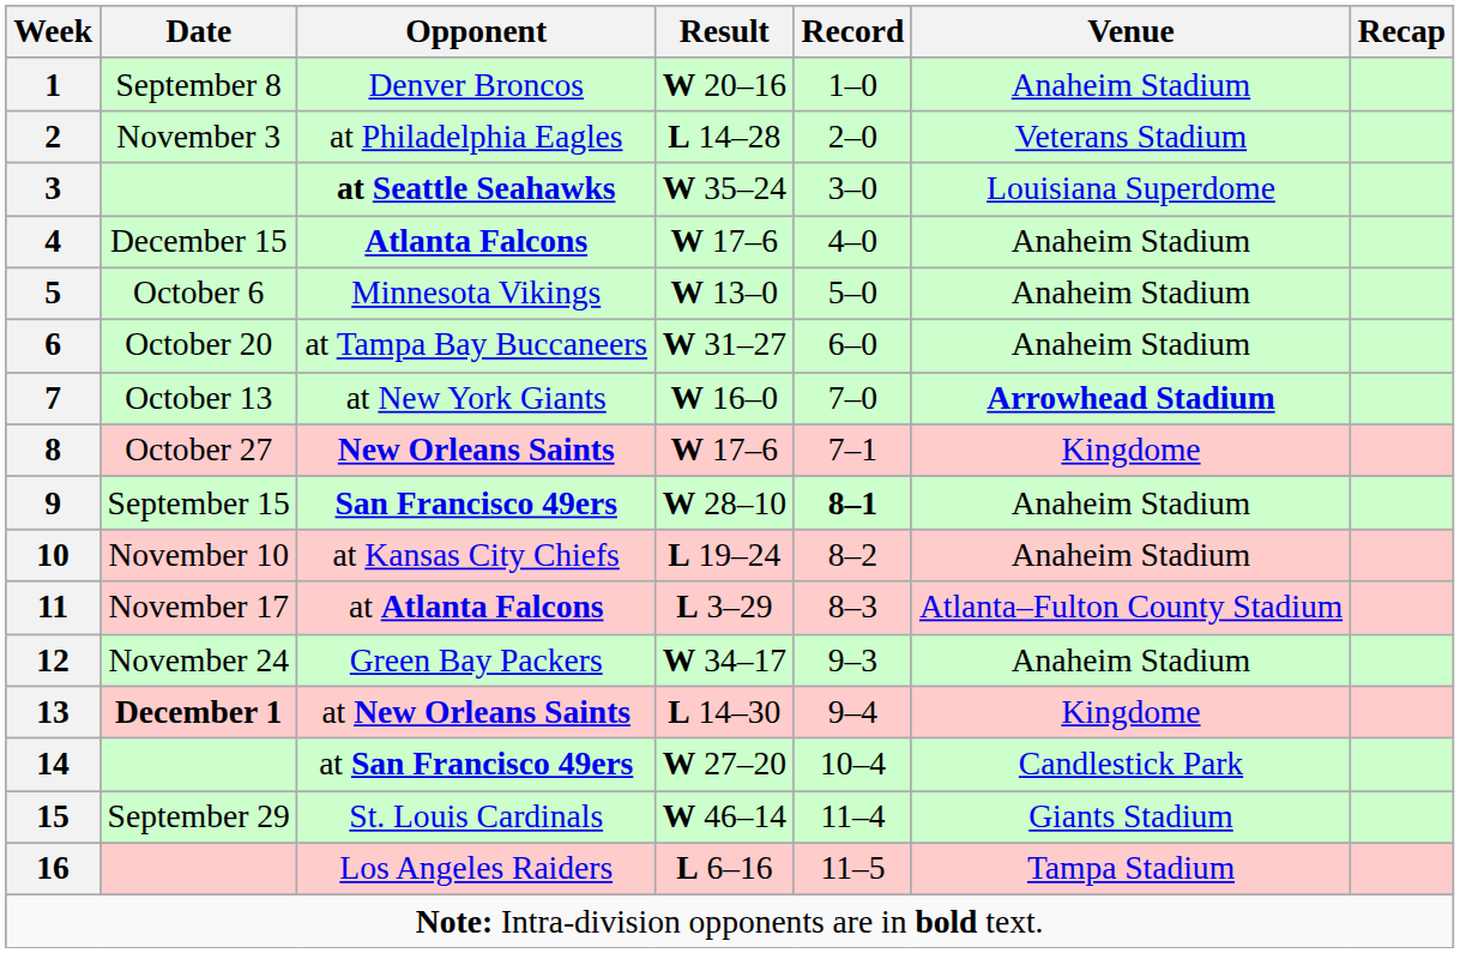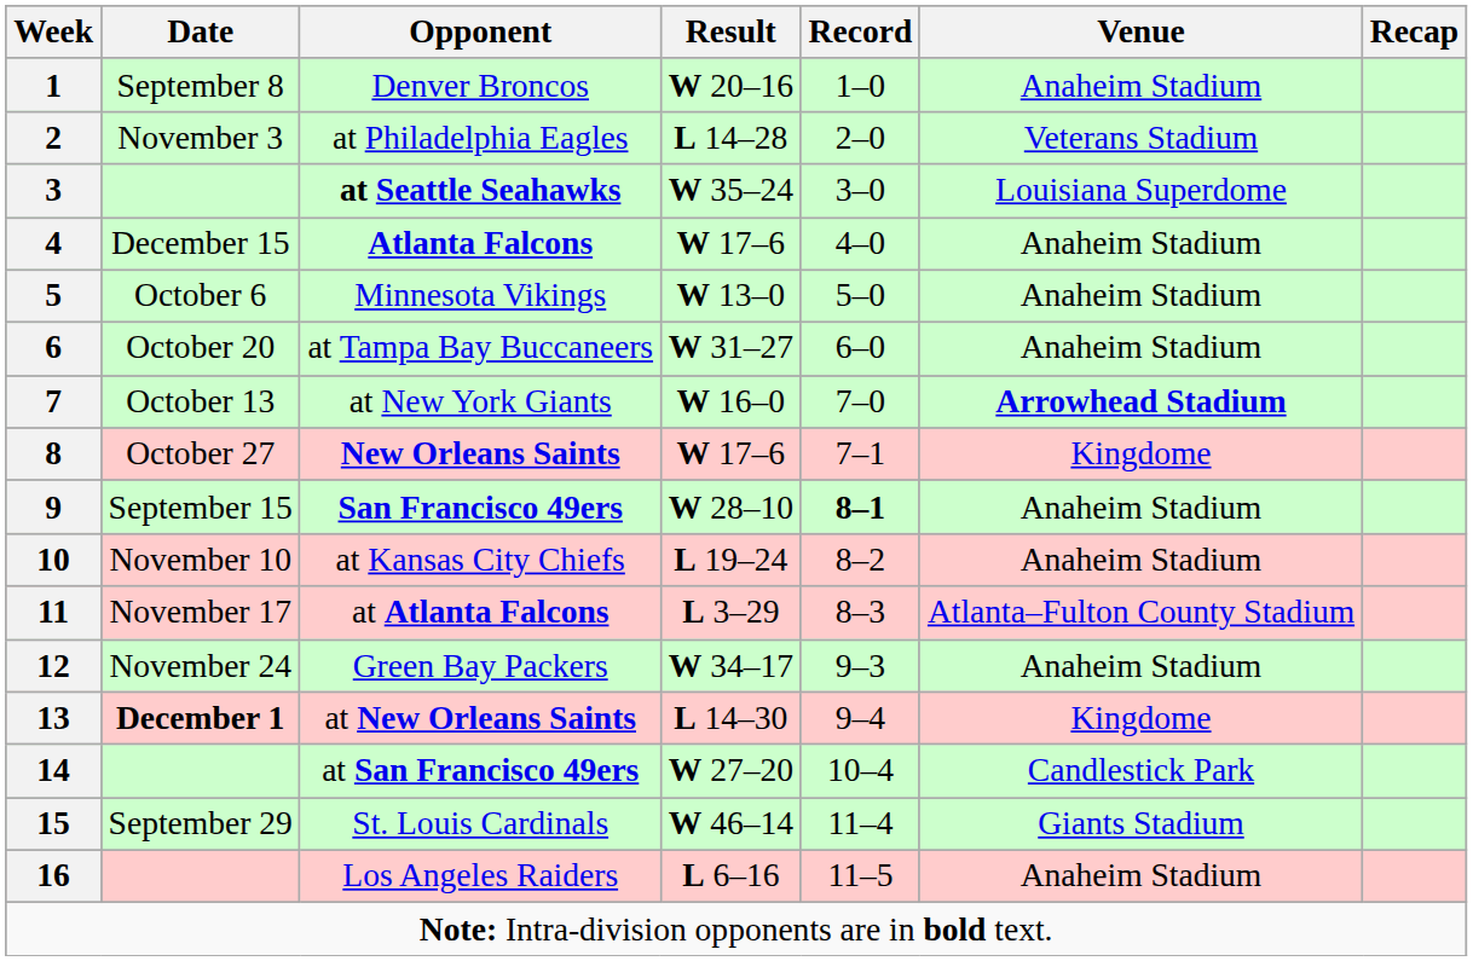 <table class="wikitable" style="text-align:center">
 <tr>
 <th>Week</th>
 <th>Date</th>
 <th>Opponent</th>
 <th>Result</th>
 <th>Record</th>
 <th>Venue</th>
 <th>Recap</th>
 </tr>
 <tr style="background:#cfc" align="center">
 <th>1</th>
 <td>September 8</td>
 <td><a href='#'>Denver Broncos</a></td>
 <td><strong>W</strong> 20–16</td>
 <td>1–0</td>
 <td><a href='#'>Anaheim Stadium</a></td>
 <td></td>
 </tr>
 <tr style="background:#cfc" align="center">
 <th>2</th>
 <td>November 3</td>
 <td>at <a href='#'>Philadelphia Eagles</a></td>
 <td><strong>L</strong> 14–28</td>
 <td>2–0</td>
 <td><a href='#'>Veterans Stadium</a></td>
 <td></td>
 </tr>
 <tr style="background:#cfc" align="center">
 <th>3</th>
 <td></td>
 <td><strong>at <a href='#'>Seattle Seahawks</a></strong></td>
 <td><strong>W</strong> 35–24</td>
 <td>3–0</td>
 <td><a href='#'>Louisiana Superdome</a></td>
 <td></td>
 </tr>
 <tr style="background:#cfc" align="center">
 <th>4</th>
 <td>December 15</td>
 <td><strong><a href='#'>Atlanta Falcons</a></strong></td>
 <td><strong>W</strong> 17–6</td>
 <td>4–0</td>
 <td>Anaheim Stadium</td>
 <td></td>
 </tr>
 <tr style="background:#cfc" align="center">
 <th>5</th>
 <td>October 6</td>
 <td><a href='#'>Minnesota Vikings</a></td>
 <td><strong>W</strong> 13–0</td>
 <td>5–0</td>
 <td>Anaheim Stadium</td>
 <td></td>
 </tr>
 <tr style="background:#cfc" align="center">
 <th>6</th>
 <td>October 20</td>
 <td>at <a href='#'>Tampa Bay Buccaneers</a></td>
 <td><strong>W</strong> 31–27</td>
 <td>6–0</td>
 <td>Anaheim Stadium</td>
 <td></td>
 </tr>
 <tr style="background:#cfc" align="center">
 <th>7</th>
 <td>October 13</td>
 <td>at <a href='#'>New York Giants</a></td>
 <td><strong>W</strong> 16–0</td>
 <td>7–0</td>
 <td><strong><a href='#'>Arrowhead Stadium</a></strong></td>
 <td></td>
 </tr>
 <tr style="background:#fcc" align="center">
 <th>8</th>
 <td>October 27</td>
 <td><strong><a href='#'>New Orleans Saints</a></strong></td>
 <td><strong>W</strong> 17–6</td>
 <td>7–1</td>
 <td><a href='#'>Kingdome</a></td>
 <td></td>
 </tr>
 <tr align="center" bgcolor=#cfc>
 <th>9</th>
 <td>September 15</td>
 <td><strong><a href='#'>San Francisco 49ers</a></strong></td>
 <td><strong>W</strong> 28–10</td>
 <td><strong>8–1</strong></td>
 <td>Anaheim Stadium</td>
 <td></td>
 </tr>
 <tr style="background:#fcc" align="center">
 <th>10</th>
 <td>November 10</td>
 <td>at <a href='#'>Kansas City Chiefs</a></td>
 <td><strong>L</strong> 19–24</td>
 <td>8–2</td>
 <td>Anaheim Stadium</td>
 <td></td>
 </tr>
 <tr style="background:#fcc" align="center">
 <th>11</th>
 <td>November 17</td>
 <td>at <strong><a href='#'>Atlanta Falcons</a></strong></td>
 <td><strong>L</strong> 3–29</td>
 <td>8–3</td>
 <td><a href='#'>Atlanta–Fulton County Stadium</a></td>
 <td></td>
 </tr>
 <tr align="center" bgcolor=#cfc>
 <th>12</th>
 <td>November 24</td>
 <td><a href='#'>Green Bay Packers</a></td>
 <td><strong>W</strong> 34–17</td>
 <td>9–3</td>
 <td>Anaheim Stadium</td>
 <td></td>
 </tr>
 <tr style="background:#fcc" align="center">
 <th>13</th>
 <td><strong>December 1</strong></td>
 <td>at <strong><a href='#'>New Orleans Saints</a></strong></td>
 <td><strong>L</strong> 14–30</td>
 <td>9–4</td>
 <td><a href='#'>Kingdome</a></td>
 <td></td>
 </tr>
 <tr align="center" bgcolor=#cfc>
 <th>14</th>
 <td></td>
 <td>at <strong><a href='#'>San Francisco 49ers</a></strong></td>
 <td><strong>W</strong> 27–20</td>
 <td>10–4</td>
 <td><a href='#'>Candlestick Park</a></td>
 <td></td>
 </tr>
 <tr align="center" bgcolor=#cfc>
 <th>15</th>
 <td>September 29</td>
 <td><a href='#'>St. Louis Cardinals</a></td>
 <td><strong>W</strong> 46–14</td>
 <td>11–4</td>
 <td><a href='#'>Giants Stadium</a></td>
 <td></td>
 </tr>
 <tr style="background:#fcc" align="center">
 <th>16</th>
 <td></td>
 <td><a href='#'>Los Angeles Raiders</a></td>
 <td><strong>L</strong> 6–16</td>
 <td>11–5</td>
-<td><a href='#'>Tampa Stadium</a></td>
+<td>Anaheim Stadium</td>
 <td></td>
 </tr>
 <tr>
 <td colspan="8"><strong>Note:</strong> Intra-division opponents are in <strong>bold</strong> text.</td>
 </tr>
 </table>
